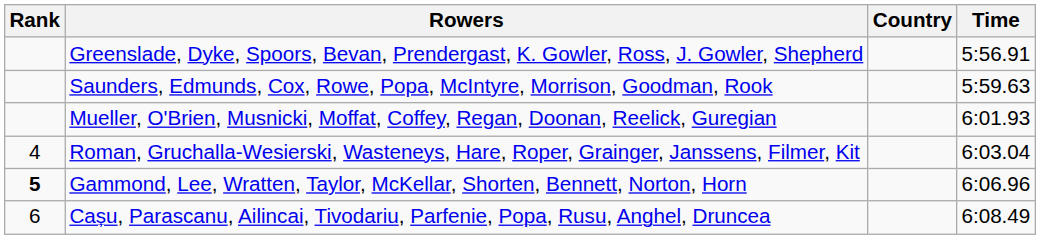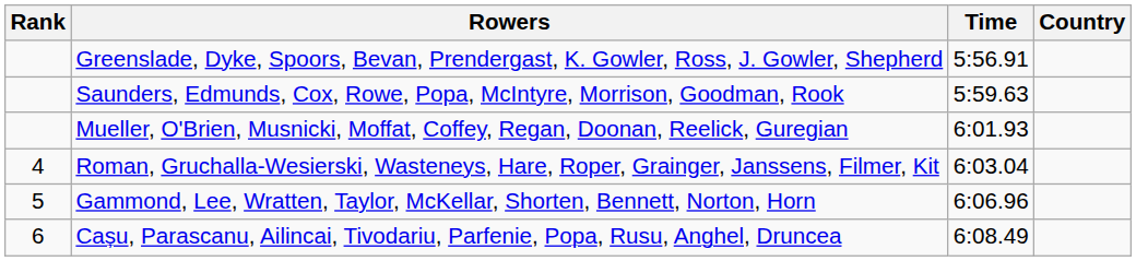 <table class="wikitable" style="text-align:center">
 <tr>
 <th>Rank</th>
 <th>Rowers</th>
+<th>Time</th>
 <th>Country</th>
-<th>Time</th>
 </tr>
 <tr>
 <td></td>
 <td align="left"><a href='#'>Greenslade</a>, <a href='#'>Dyke</a>, <a href='#'>Spoors</a>, <a href='#'>Bevan</a>, <a href='#'>Prendergast</a>, <a href='#'>K. Gowler</a>, <a href='#'>Ross</a>, <a href='#'>J. Gowler</a>, <a href='#'>Shepherd</a></td>
+<td>5:56.91</td>
 <td align="left"></td>
-<td>5:56.91</td>
 </tr>
 <tr>
 <td></td>
 <td align="left"><a href='#'>Saunders</a>, <a href='#'>Edmunds</a>, <a href='#'>Cox</a>, <a href='#'>Rowe</a>, <a href='#'>Popa</a>, <a href='#'>McIntyre</a>, <a href='#'>Morrison</a>, <a href='#'>Goodman</a>, <a href='#'>Rook</a></td>
+<td>5:59.63</td>
 <td align="left"></td>
-<td>5:59.63</td>
 </tr>
 <tr>
 <td></td>
 <td align="left"><a href='#'>Mueller</a>, <a href='#'>O'Brien</a>, <a href='#'>Musnicki</a>, <a href='#'>Moffat</a>, <a href='#'>Coffey</a>, <a href='#'>Regan</a>, <a href='#'>Doonan</a>, <a href='#'>Reelick</a>, <a href='#'>Guregian</a></td>
+<td>6:01.93</td>
 <td align="left"></td>
-<td>6:01.93</td>
 </tr>
 <tr>
 <td>4</td>
 <td align="left"><a href='#'>Roman</a>, <a href='#'>Gruchalla-Wesierski</a>, <a href='#'>Wasteneys</a>, <a href='#'>Hare</a>, <a href='#'>Roper</a>, <a href='#'>Grainger</a>, <a href='#'>Janssens</a>, <a href='#'>Filmer</a>, <a href='#'>Kit</a></td>
+<td>6:03.04</td>
 <td align="left"></td>
-<td>6:03.04</td>
 </tr>
 <tr>
-<td><strong>5</strong></td>
+<td>5</td>
 <td align="left"><a href='#'>Gammond</a>, <a href='#'>Lee</a>, <a href='#'>Wratten</a>, <a href='#'>Taylor</a>, <a href='#'>McKellar</a>, <a href='#'>Shorten</a>, <a href='#'>Bennett</a>, <a href='#'>Norton</a>, <a href='#'>Horn</a></td>
+<td>6:06.96</td>
 <td align="left"></td>
-<td>6:06.96</td>
 </tr>
 <tr>
 <td>6</td>
 <td align="left"><a href='#'>Cașu</a>, <a href='#'>Parascanu</a>, <a href='#'>Ailincai</a>, <a href='#'>Tivodariu</a>, <a href='#'>Parfenie</a>, <a href='#'>Popa</a>, <a href='#'>Rusu</a>, <a href='#'>Anghel</a>, <a href='#'>Druncea</a></td>
+<td>6:08.49</td>
 <td align="left"></td>
-<td>6:08.49</td>
 </tr>
 </table>
